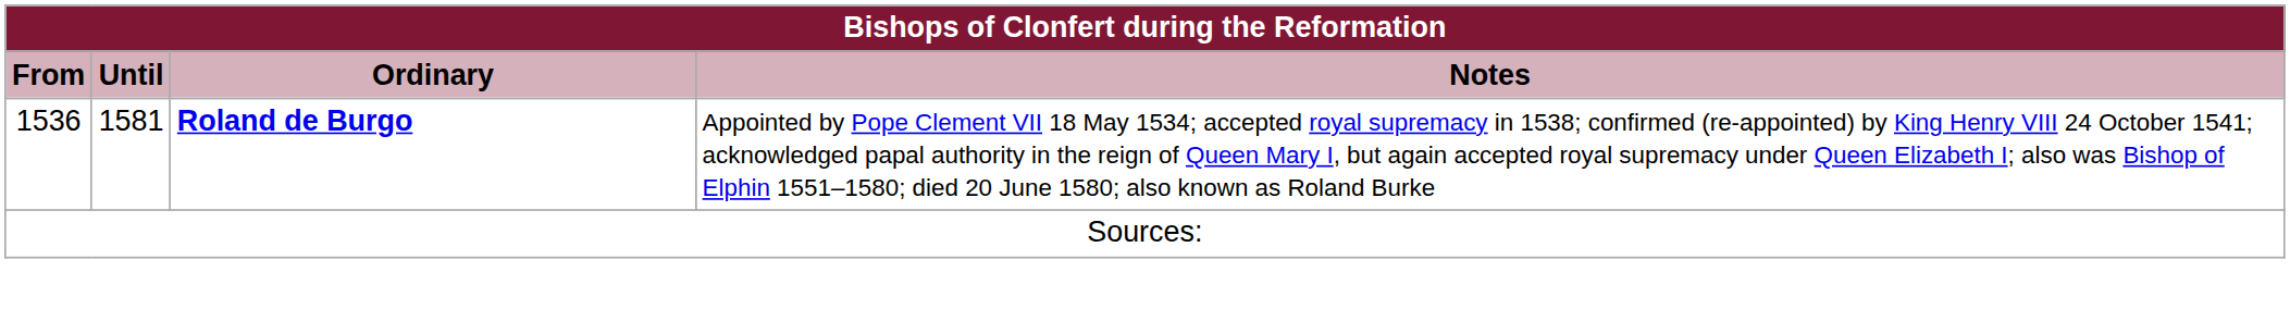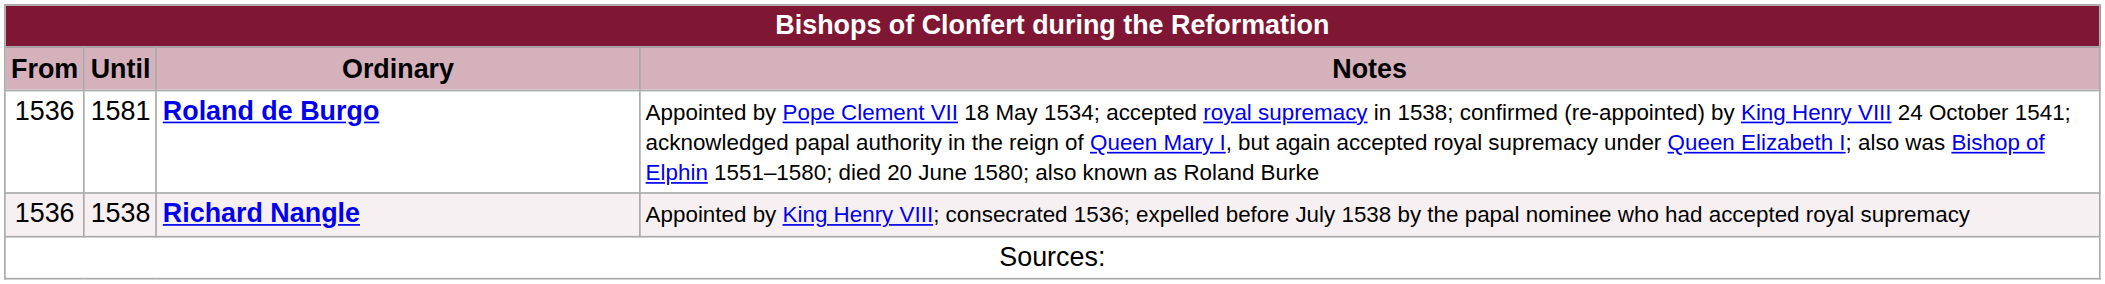 <table class="wikitable">
 <tr>
 <th colspan="4" style="background-color: #7F1734; color: white;">Bishops of Clonfert during the Reformation</th>
 </tr>
 <tr>
 <th style="background-color: #D4B1BB;">From</th>
 <th style="background-color: #D4B1BB;">Until</th>
 <th style="background-color: #D4B1BB;" width=280pt>Ordinary</th>
 <th style="background-color: #D4B1BB;">Notes</th>
 </tr>
 <tr valign="top" style="background-color: #FFFFFF;">
 <td align=center>1536</td>
 <td align=center>1581</td>
 <td><strong><a href='#'>Roland de Burgo</a></strong></td>
 <td><small>Appointed by <a href='#'>Pope Clement VII</a> 18 May 1534; accepted <a href='#'>royal supremacy</a> in 1538; confirmed (re-appointed) by <a href='#'>King Henry VIII</a> 24 October 1541; acknowledged papal authority in the reign of <a href='#'>Queen Mary I</a>, but again accepted royal supremacy under <a href='#'>Queen Elizabeth I</a>; also was <a href='#'>Bishop of Elphin</a> 1551–1580; died 20 June 1580; also known as Roland Burke</small></td>
 </tr>
+<tr valign="top" style="background-color: #F7F0F2;">
+<td align=center>1536</td>
+<td align=center>1538</td>
+<td><strong><a href='#'>Richard Nangle</a></strong></td>
+<td><small>Appointed by <a href='#'>King Henry VIII</a>; consecrated 1536; expelled before July 1538 by the papal nominee who had accepted royal supremacy</small></td>
+</tr>
 <tr valign="top" style="background-color: #FFFFFF;">
 <td colspan=4 align=center>Sources:</td>
 </tr>
 </table>
